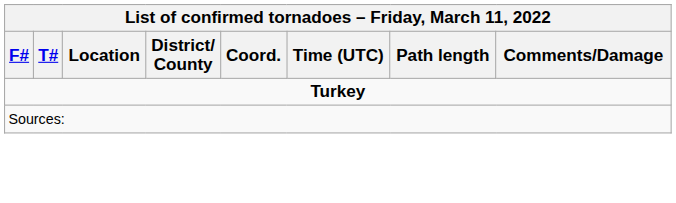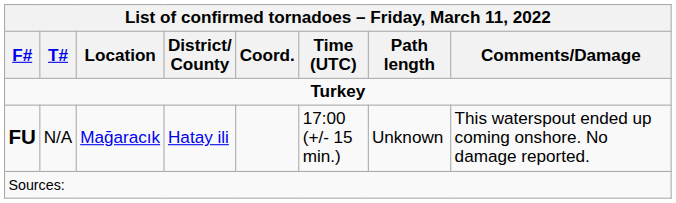 <table class="wikitable collapsible" width="100%">
 <tr>
 <th colspan="8">List of confirmed tornadoes – Friday, March 11, 2022</th>
 </tr>
 <tr>
 <th><a href='#'>F#</a></th>
 <th><a href='#'>T#</a></th>
 <th>Location</th>
 <th>District/<br>County</th>
 <th>Coord.</th>
 <th>Time (UTC)</th>
 <th>Path length</th>
 <th>Comments/Damage</th>
 </tr>
 <tr>
 <td colspan="8" align=center><strong>Turkey</strong></td>
 </tr>
 <tr>
+<td><big><strong>FU</strong></big></td>
+<td>N/A</td>
+<td><a href='#'>Mağaracık</a></td>
+<td><a href='#'>Hatay ili</a></td>
+<td></td>
+<td>17:00 (+/- 15 min.)</td>
+<td>Unknown</td>
+<td>This waterspout ended up coming onshore. No damage reported.</td>
+</tr>
+<tr>
 <td colspan="8"><small>Sources:  </small></td>
 </tr>
 </table>
